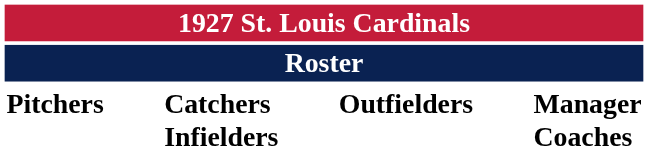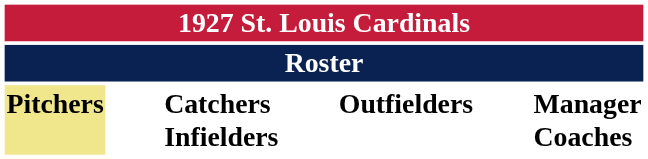 <table class="toccolours" style="font-size: 95%;">
 <tr>
 <th colspan="10" style="background-color: #c41c3a; color: white; text-align: center;">1927 St. Louis Cardinals</th>
 </tr>
 <tr>
 <td colspan="10" style="background-color: #0a2252; color: white; text-align: center;"><strong>Roster</strong></td>
 </tr>
 <tr>
-<td valign="top"><strong>Pitchers</strong><br>             </td>
+<td valign="top" style="background: khaki;"><strong>Pitchers</strong><br>             </td>
 <td width="25px"></td>
 <td valign="top"><strong>Catchers</strong><br>    <strong>Infielders</strong>       </td>
 <td width="25px"></td>
 <td valign="top"><strong>Outfielders</strong><br>        </td>
 <td width="25px"></td>
 <td valign="top"><strong>Manager</strong><br> <strong>Coaches</strong> </td>
 </tr>
 </table>
